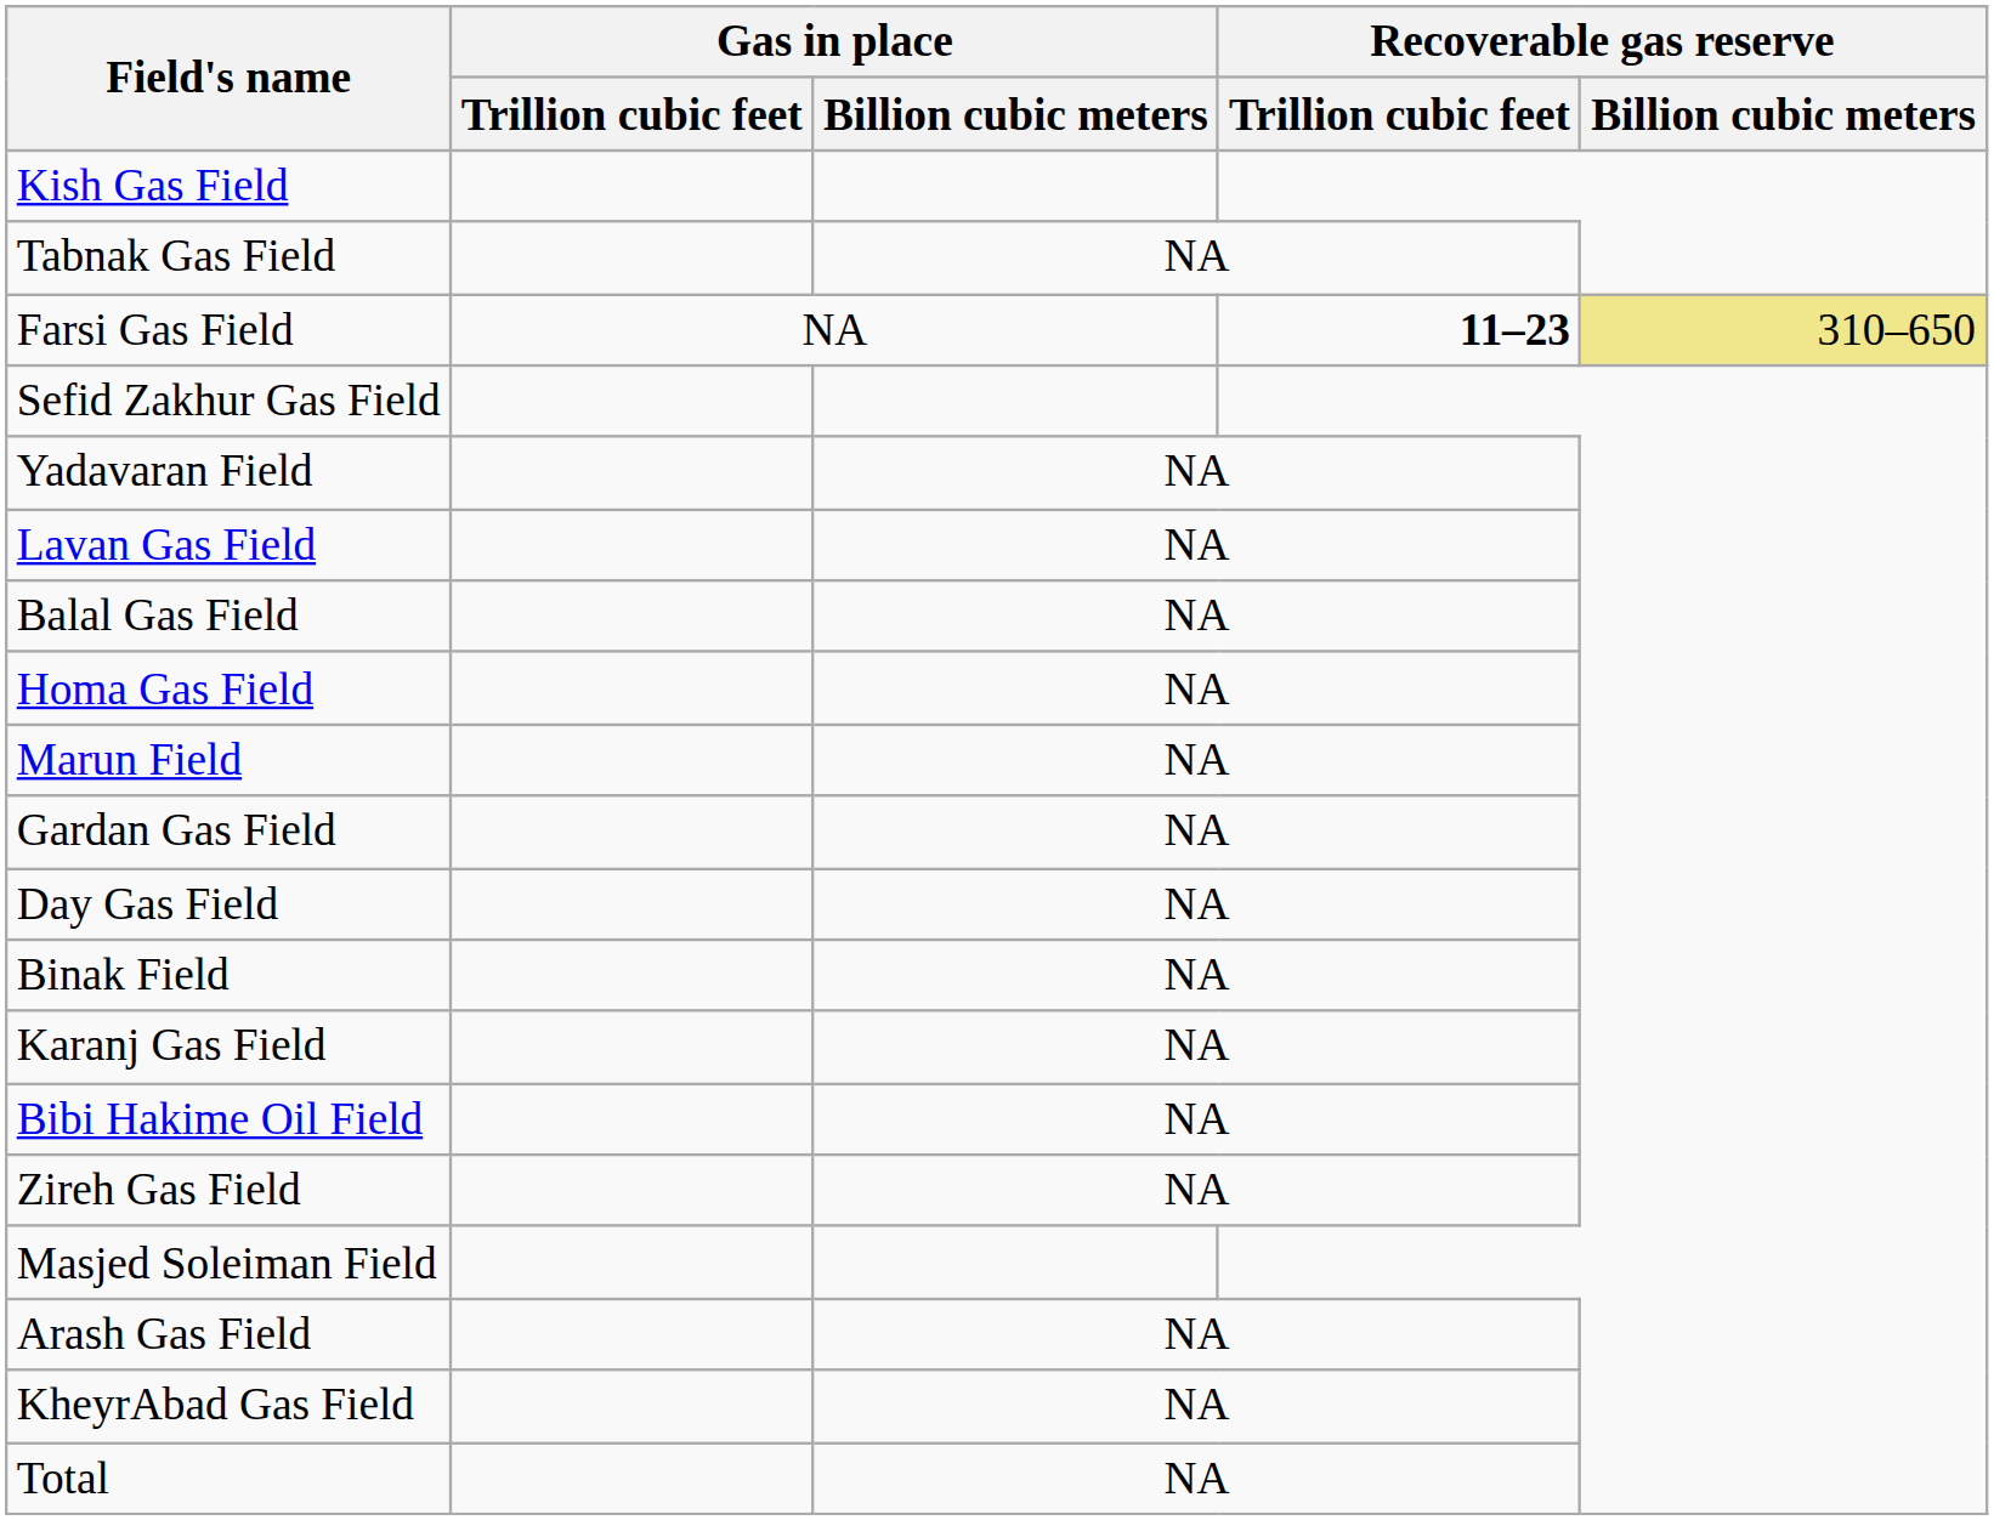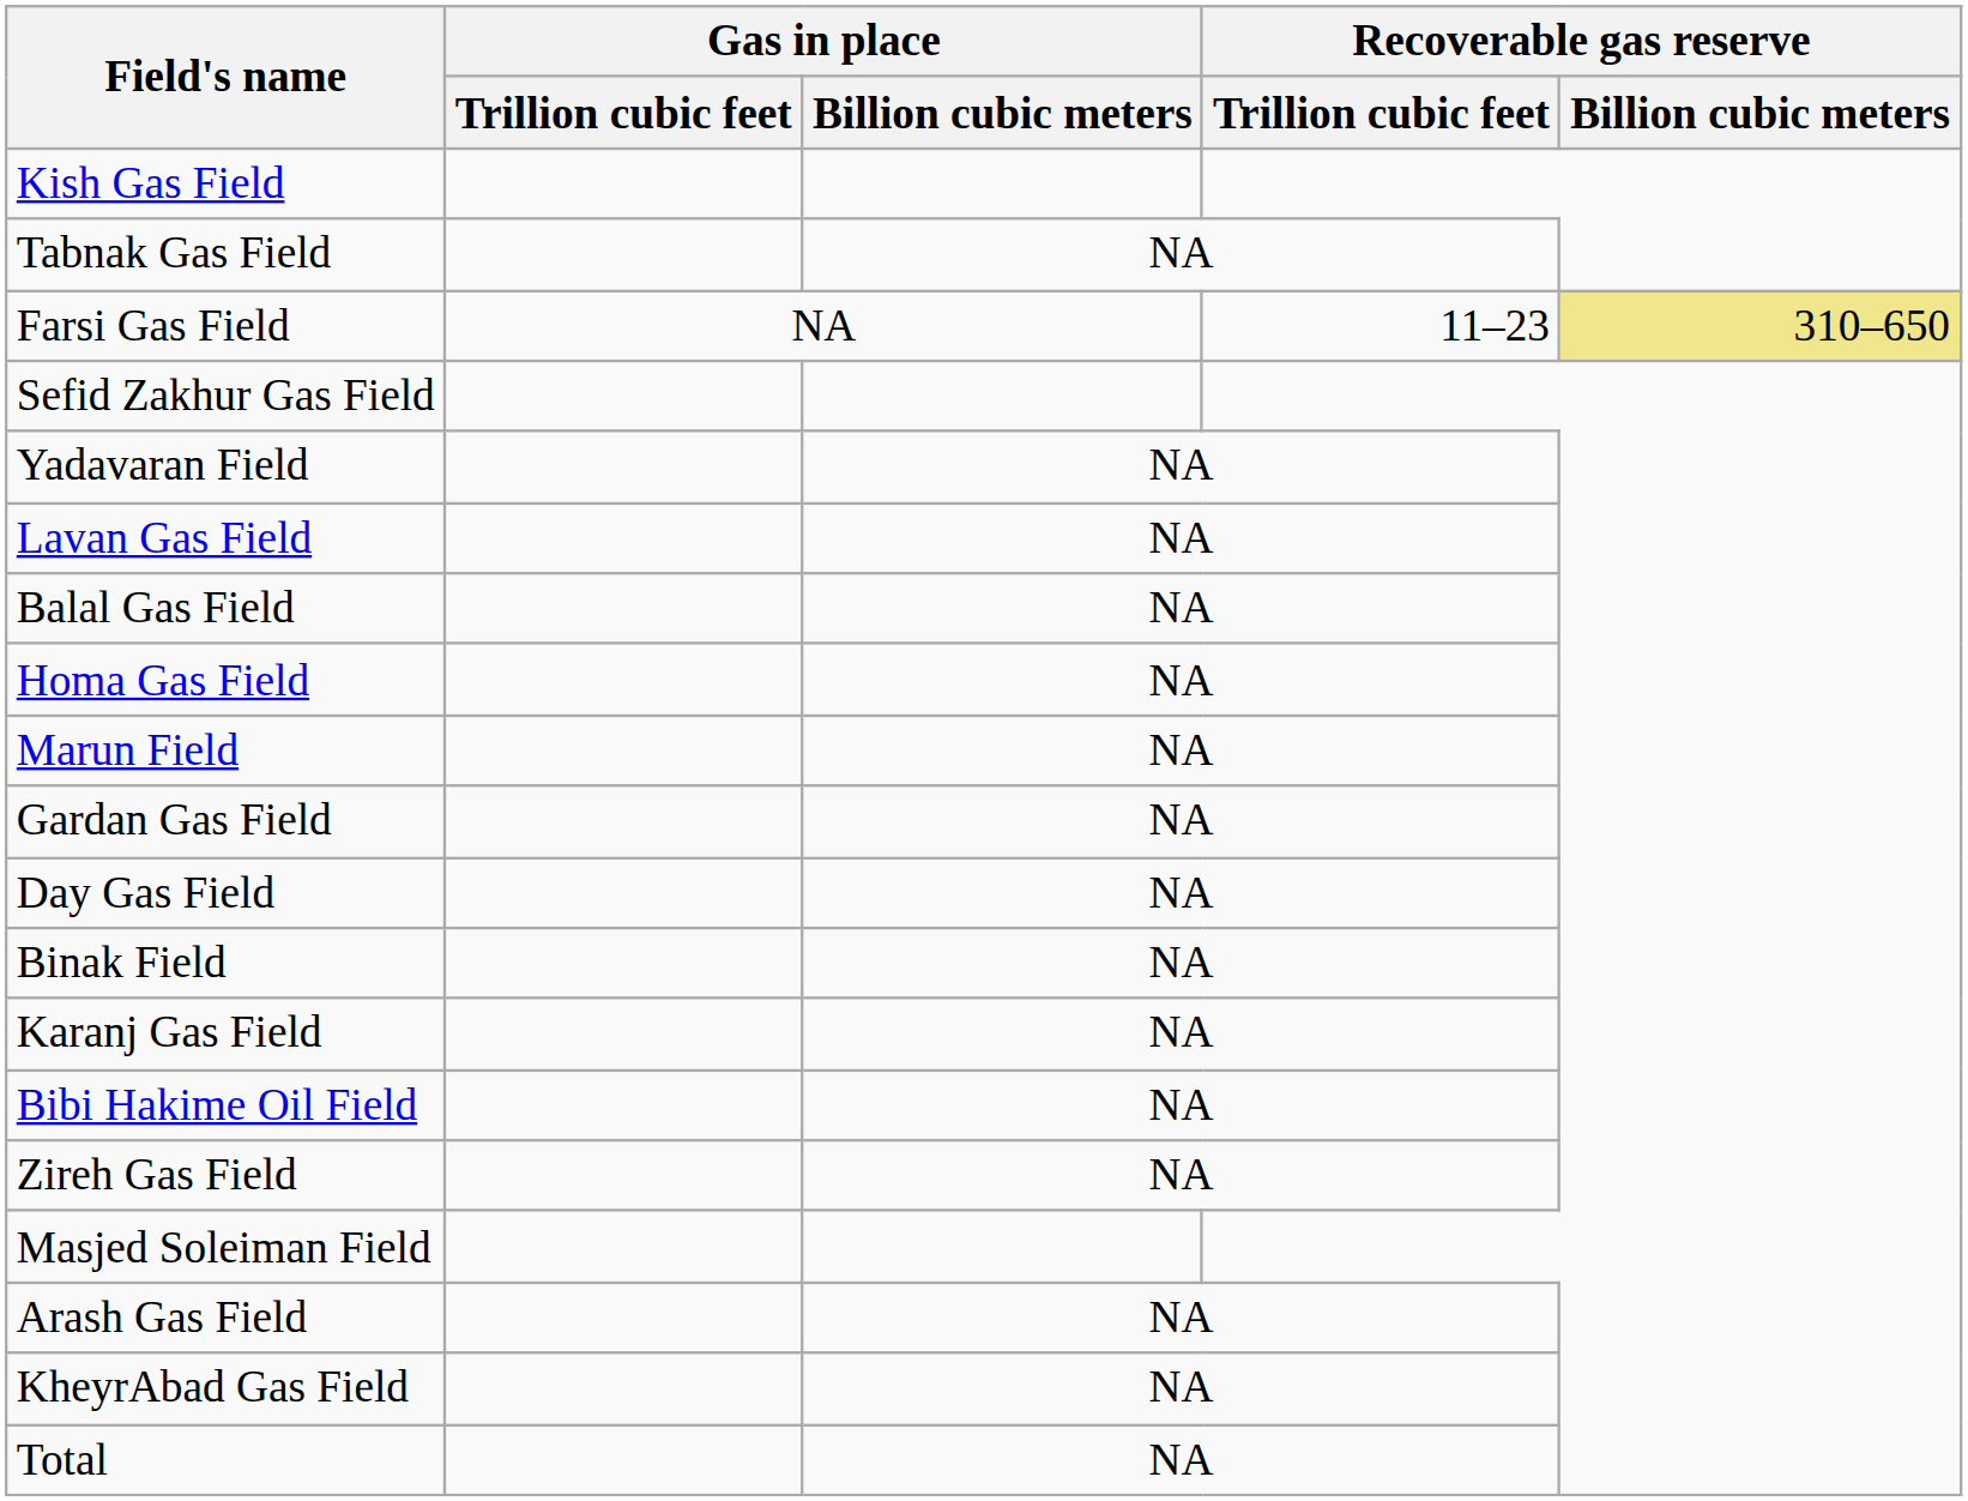 <table class="wikitable">
 <tr>
 <th rowspan=2>Field's name</th>
 <th colspan=2>Gas in place</th>
 <th colspan=2>Recoverable gas reserve</th>
 </tr>
 <tr>
 <th>Trillion cubic feet</th>
 <th>Billion cubic meters</th>
 <th>Trillion cubic feet</th>
 <th>Billion cubic meters</th>
 </tr>
 <tr>
 <td><a href='#'>Kish Gas Field</a></td>
 <td></td>
 <td></td>
 </tr>
 <tr>
 <td>Tabnak Gas Field</td>
 <td></td>
 <td colspan="2" style="text-align:center;">NA</td>
 </tr>
 <tr>
 <td>Farsi Gas Field</td>
 <td colspan="2" style="text-align:center;">NA</td>
-<td align=right><strong>11–23</strong></td>
+<td align=right>11–23</td>
 <td align=right style="background: khaki;">310–650</td>
 </tr>
 <tr>
 <td>Sefid Zakhur Gas Field</td>
 <td></td>
 <td></td>
 </tr>
 <tr>
 <td>Yadavaran Field</td>
 <td></td>
 <td colspan="2" style="text-align:center;">NA</td>
 </tr>
 <tr>
 <td><a href='#'>Lavan Gas Field</a></td>
 <td></td>
 <td colspan="2" style="text-align:center;">NA</td>
 </tr>
 <tr>
 <td>Balal Gas Field</td>
 <td></td>
 <td colspan="2" style="text-align:center;">NA</td>
 </tr>
 <tr>
 <td><a href='#'>Homa Gas Field</a></td>
 <td></td>
 <td colspan="2" style="text-align:center;">NA</td>
 </tr>
 <tr>
 <td><a href='#'>Marun Field</a></td>
 <td></td>
 <td colspan="2" style="text-align:center;">NA</td>
 </tr>
 <tr>
 <td>Gardan Gas Field</td>
 <td></td>
 <td colspan="2" style="text-align:center;">NA</td>
 </tr>
 <tr>
 <td>Day Gas Field</td>
 <td></td>
 <td colspan="2" style="text-align:center;">NA</td>
 </tr>
 <tr>
 <td>Binak Field</td>
 <td></td>
 <td colspan="2" style="text-align:center;">NA</td>
 </tr>
 <tr>
 <td>Karanj Gas Field</td>
 <td></td>
 <td colspan="2" style="text-align:center;">NA</td>
 </tr>
 <tr>
 <td><a href='#'>Bibi Hakime Oil Field</a></td>
 <td></td>
 <td colspan="2" style="text-align:center;">NA</td>
 </tr>
 <tr>
 <td>Zireh Gas Field</td>
 <td></td>
 <td colspan="2" style="text-align:center;">NA</td>
 </tr>
 <tr>
 <td>Masjed Soleiman Field</td>
 <td></td>
 <td></td>
 </tr>
 <tr>
 <td>Arash Gas Field</td>
 <td></td>
 <td colspan="2" style="text-align:center;">NA</td>
 </tr>
 <tr>
 <td>KheyrAbad Gas Field</td>
 <td></td>
 <td colspan="2" style="text-align:center;">NA</td>
 </tr>
 <tr>
 <td>Total</td>
 <td></td>
 <td colspan="2" style="text-align:center;">NA</td>
 </tr>
 </table>
